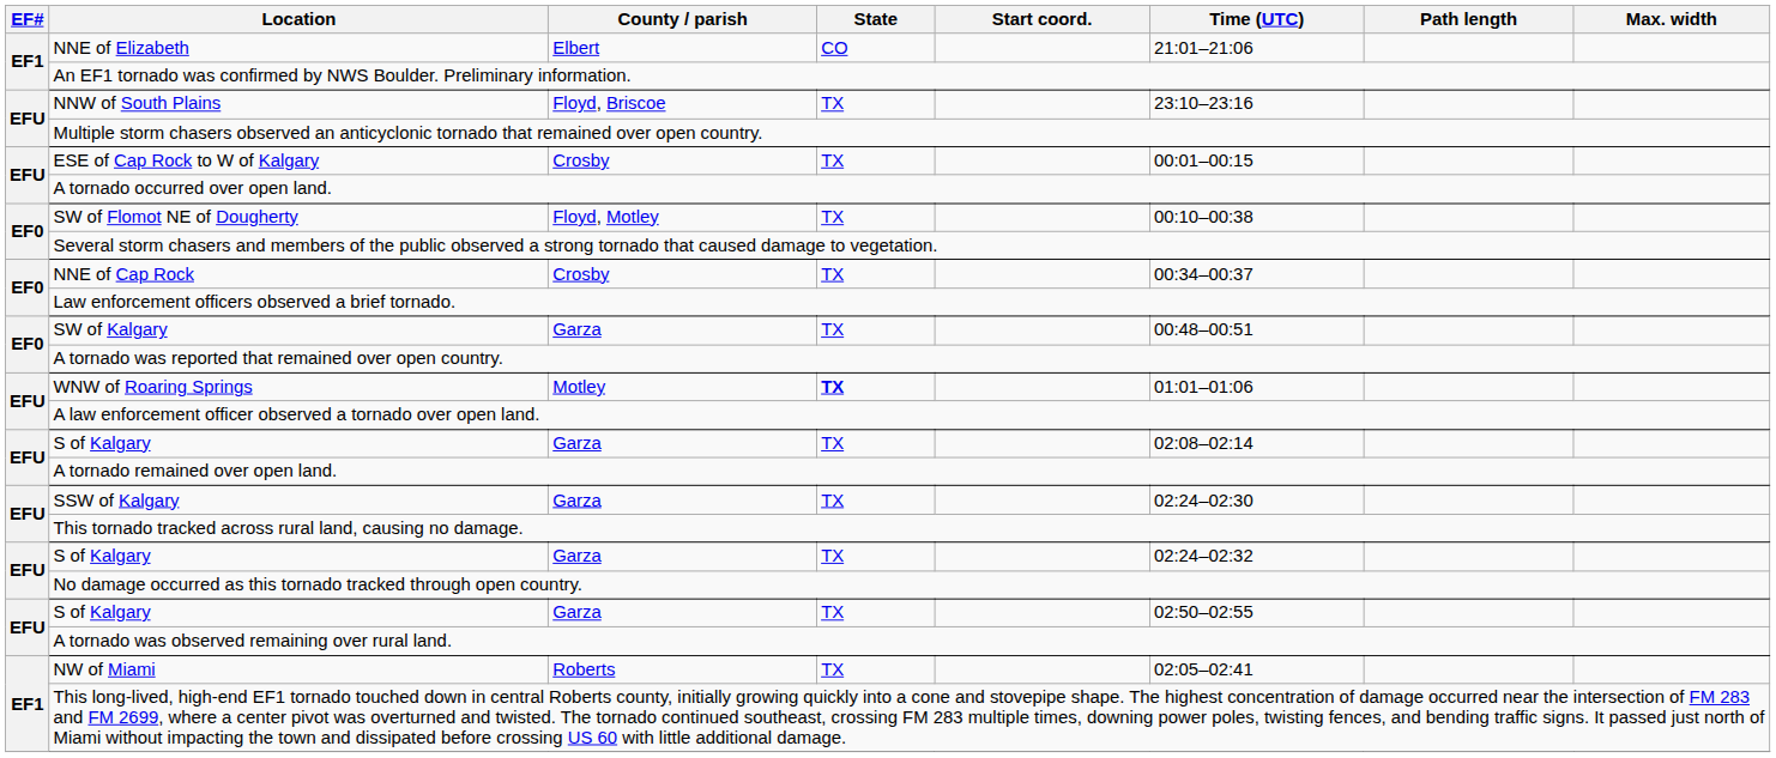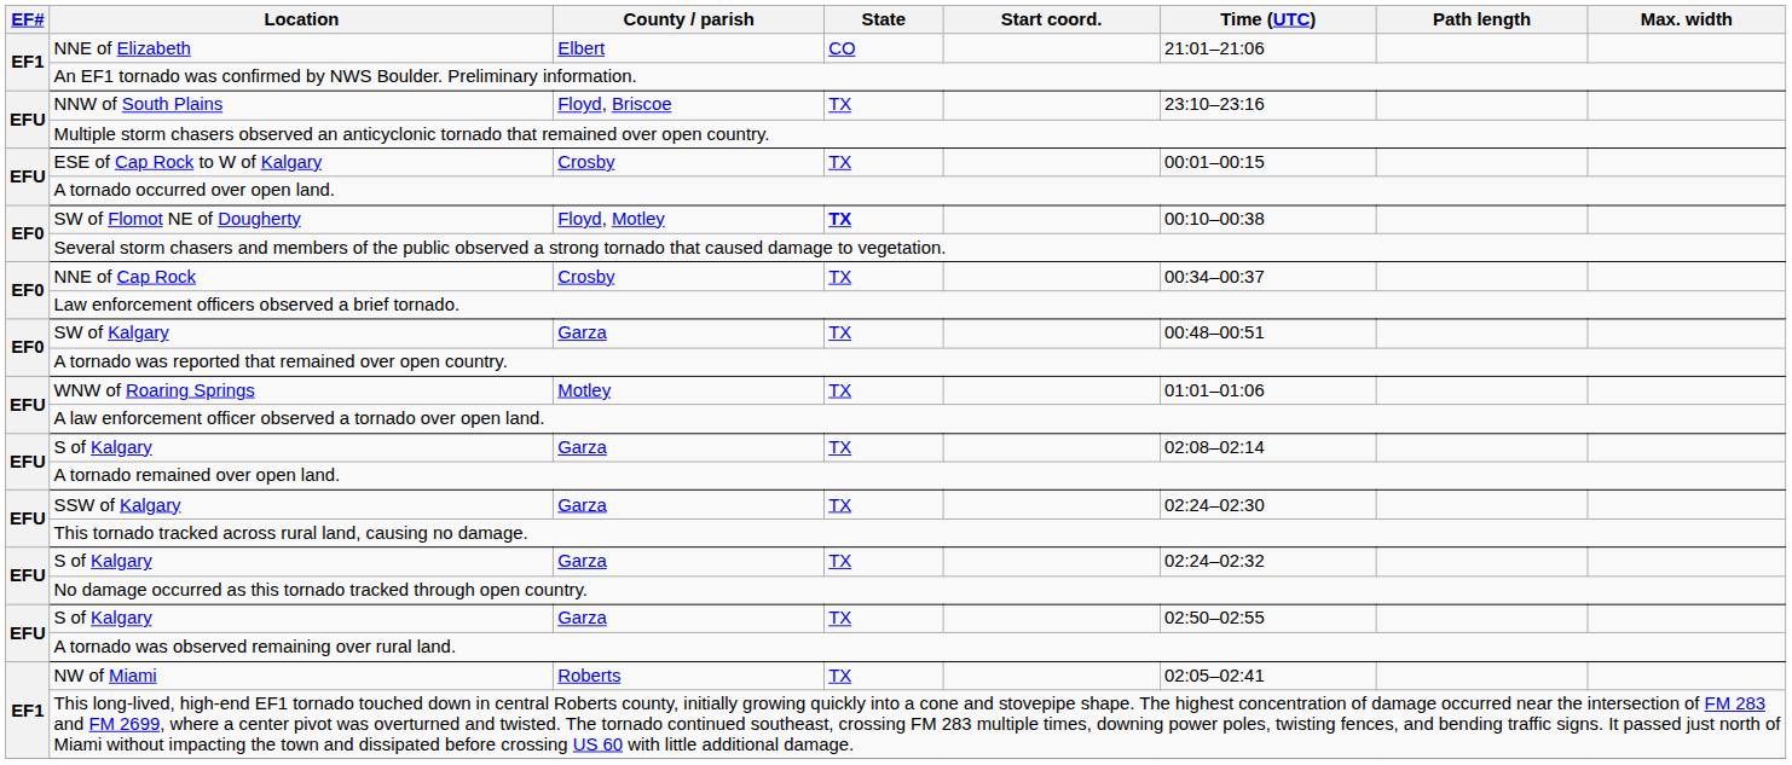 <table class="wikitable sortable" style="width:100%;">
 <tr>
 <th scope="col" width="2%" align="center"><a href='#'>EF#</a></th>
 <th scope="col" align="center" class="unsortable">Location</th>
 <th scope="col" align="center" class="unsortable">County / parish</th>
 <th scope="col" align="center">State</th>
 <th scope="col" align="center">Start coord.</th>
 <th scope="col" align="center">Time (<a href='#'>UTC</a>)</th>
 <th scope="col" align="center">Path length</th>
 <th scope="col" align="center">Max. width</th>
 </tr>
 <tr>
 <th scope="row" rowspan="2" style="background-color:#">EF1</th>
 <td>NNE of <a href='#'>Elizabeth</a></td>
 <td><a href='#'>Elbert</a></td>
 <td><a href='#'>CO</a></td>
 <td></td>
 <td>21:01–21:06</td>
 <td></td>
 <td></td>
 </tr>
 <tr class="expand-child">
 <td colspan="8" style=" border-bottom: 1px solid black;">An EF1 tornado was confirmed by NWS Boulder. Preliminary information.</td>
 </tr>
 <tr>
 <th scope="row" rowspan="2" style="background-color:#">EFU</th>
 <td>NNW of <a href='#'>South Plains</a></td>
 <td><a href='#'>Floyd</a>, <a href='#'>Briscoe</a></td>
 <td><a href='#'>TX</a></td>
 <td></td>
 <td>23:10–23:16</td>
 <td></td>
 <td></td>
 </tr>
 <tr class="expand-child">
 <td colspan="8" style=" border-bottom: 1px solid black;">Multiple storm chasers observed an anticyclonic tornado that remained over open country.</td>
 </tr>
 <tr>
 <th scope="row" rowspan="2" style="background-color:#">EFU</th>
 <td>ESE of <a href='#'>Cap Rock</a> to W of <a href='#'>Kalgary</a></td>
 <td><a href='#'>Crosby</a></td>
 <td><a href='#'>TX</a></td>
 <td></td>
 <td>00:01–00:15</td>
 <td></td>
 <td></td>
 </tr>
 <tr class="expand-child">
 <td colspan="8" style=" border-bottom: 1px solid black;">A tornado occurred over open land.</td>
 </tr>
 <tr>
 <th scope="row" rowspan="2" style="background-color:#">EF0</th>
 <td>SW of <a href='#'>Flomot</a> NE of <a href='#'>Dougherty</a></td>
 <td><a href='#'>Floyd</a>, <a href='#'>Motley</a></td>
-<td><a href='#'>TX</a></td>
+<td><strong><a href='#'>TX</a></strong></td>
 <td></td>
 <td>00:10–00:38</td>
 <td></td>
 <td></td>
 </tr>
 <tr class="expand-child">
 <td colspan="8" style=" border-bottom: 1px solid black;">Several storm chasers and members of the public observed a strong tornado that caused damage to vegetation.</td>
 </tr>
 <tr>
 <th scope="row" rowspan="2" style="background-color:#">EF0</th>
 <td>NNE of <a href='#'>Cap Rock</a></td>
 <td><a href='#'>Crosby</a></td>
 <td><a href='#'>TX</a></td>
 <td></td>
 <td>00:34–00:37</td>
 <td></td>
 <td></td>
 </tr>
 <tr class="expand-child">
 <td colspan="8" style=" border-bottom: 1px solid black;">Law enforcement officers observed a brief tornado.</td>
 </tr>
 <tr>
 <th scope="row" rowspan="2" style="background-color:#">EF0</th>
 <td>SW of <a href='#'>Kalgary</a></td>
 <td><a href='#'>Garza</a></td>
 <td><a href='#'>TX</a></td>
 <td></td>
 <td>00:48–00:51</td>
 <td></td>
 <td></td>
 </tr>
 <tr class="expand-child">
 <td colspan="8" style=" border-bottom: 1px solid black;">A tornado was reported that remained over open country.</td>
 </tr>
 <tr>
 <th scope="row" rowspan="2" style="background-color:#">EFU</th>
 <td>WNW of <a href='#'>Roaring Springs</a></td>
 <td><a href='#'>Motley</a></td>
-<td><strong><a href='#'>TX</a></strong></td>
+<td><a href='#'>TX</a></td>
 <td></td>
 <td>01:01–01:06</td>
 <td></td>
 <td></td>
 </tr>
 <tr class="expand-child">
 <td colspan="8" style=" border-bottom: 1px solid black;">A law enforcement officer observed a tornado over open land.</td>
 </tr>
 <tr>
 <th scope="row" rowspan="2" style="background-color:#">EFU</th>
 <td>S of <a href='#'>Kalgary</a></td>
 <td><a href='#'>Garza</a></td>
 <td><a href='#'>TX</a></td>
 <td></td>
 <td>02:08–02:14</td>
 <td></td>
 <td></td>
 </tr>
 <tr class="expand-child">
 <td colspan="8" style=" border-bottom: 1px solid black;">A tornado remained over open land.</td>
 </tr>
 <tr>
 <th scope="row" rowspan="2" style="background-color:#">EFU</th>
 <td>SSW of <a href='#'>Kalgary</a></td>
 <td><a href='#'>Garza</a></td>
 <td><a href='#'>TX</a></td>
 <td></td>
 <td>02:24–02:30</td>
 <td></td>
 <td></td>
 </tr>
 <tr class="expand-child">
 <td colspan="8" style=" border-bottom: 1px solid black;">This tornado tracked across rural land, causing no damage.</td>
 </tr>
 <tr>
 <th scope="row" rowspan="2" style="background-color:#">EFU</th>
 <td>S of <a href='#'>Kalgary</a></td>
 <td><a href='#'>Garza</a></td>
 <td><a href='#'>TX</a></td>
 <td></td>
 <td>02:24–02:32</td>
 <td></td>
 <td></td>
 </tr>
 <tr class="expand-child">
 <td colspan="8" style=" border-bottom: 1px solid black;">No damage occurred as this tornado tracked through open country.</td>
 </tr>
 <tr>
 <th scope="row" rowspan="2" style="background-color:#">EFU</th>
 <td>S of <a href='#'>Kalgary</a></td>
 <td><a href='#'>Garza</a></td>
 <td><a href='#'>TX</a></td>
 <td></td>
 <td>02:50–02:55</td>
 <td></td>
 <td></td>
 </tr>
 <tr class="expand-child">
 <td colspan="8" style=" border-bottom: 1px solid black;">A tornado was observed remaining over rural land.</td>
 </tr>
 <tr>
 <th scope="row" rowspan="2" style="background-color:#">EF1</th>
 <td>NW of <a href='#'>Miami</a></td>
 <td><a href='#'>Roberts</a></td>
 <td><a href='#'>TX</a></td>
 <td></td>
 <td>02:05–02:41</td>
 <td></td>
 <td></td>
 </tr>
 <tr class="expand-child">
 <td colspan="8" style=" border-bottom: 1px solid black;">This long-lived, high-end EF1 tornado touched down in central Roberts county, initially growing quickly into a cone and stovepipe shape. The highest concentration of damage occurred near the intersection of <a href='#'>FM 283</a> and <a href='#'>FM 2699</a>, where a center pivot was overturned and twisted. The tornado continued southeast, crossing FM 283 multiple times, downing power poles, twisting fences, and bending traffic signs. It passed just north of Miami without impacting the town and dissipated before crossing <a href='#'>US 60</a> with little additional damage.</td>
 </tr>
 <tr>
 </tr>
 </table>
